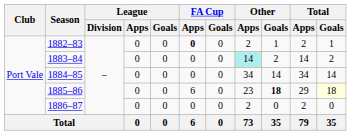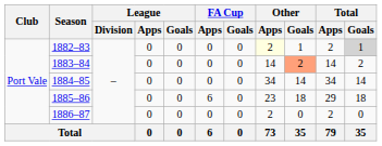 <table class="wikitable" style="text-align:center">
 <tr>
 <th rowspan="2">Club</th>
 <th rowspan="2">Season</th>
 <th colspan="3">League</th>
 <th colspan="2"><a href='#'>FA Cup</a></th>
 <th colspan="2">Other</th>
 <th colspan="2">Total</th>
 </tr>
 <tr>
 <th>Division</th>
 <th>Apps</th>
 <th>Goals</th>
 <th>Apps</th>
 <th>Goals</th>
 <th>Apps</th>
 <th>Goals</th>
 <th>Apps</th>
 <th>Goals</th>
 </tr>
 <tr>
 <td rowspan="5"><a href='#'>Port Vale</a></td>
 <td><a href='#'>1882–83</a></td>
 <td rowspan="5">–</td>
 <td>0</td>
 <td>0</td>
-<td><strong>0</strong></td>
 <td>0</td>
-<td>2</td>
+<td>0</td>
+<td style="background: lightyellow;">2</td>
 <td>1</td>
 <td>2</td>
-<td>1</td>
+<td style="background: lightgrey;">1</td>
 </tr>
 <tr>
 <td><a href='#'>1883–84</a></td>
 <td>0</td>
 <td>0</td>
 <td>0</td>
 <td>0</td>
-<td style="background: paleturquoise;">14</td>
-<td>2</td>
+<td>14</td>
+<td style="background: lightsalmon;">2</td>
 <td>14</td>
 <td>2</td>
 </tr>
 <tr>
 <td><a href='#'>1884–85</a></td>
 <td>0</td>
 <td>0</td>
 <td>0</td>
 <td>0</td>
 <td>34</td>
 <td>14</td>
 <td>34</td>
 <td>14</td>
 </tr>
 <tr>
 <td><a href='#'>1885–86</a></td>
 <td>0</td>
 <td>0</td>
 <td>6</td>
 <td>0</td>
 <td>23</td>
-<td><strong>18</strong></td>
+<td>18</td>
 <td>29</td>
-<td style="background: lightyellow;">18</td>
+<td>18</td>
 </tr>
 <tr>
 <td><a href='#'>1886–87</a></td>
 <td>0</td>
 <td>0</td>
 <td>0</td>
 <td>0</td>
 <td>2</td>
 <td>0</td>
 <td>2</td>
 <td>0</td>
 </tr>
 <tr>
 <th colspan="3">Total</th>
 <th>0</th>
 <th>0</th>
 <th>6</th>
 <th>0</th>
 <th>73</th>
 <th>35</th>
 <th>79</th>
 <th>35</th>
 </tr>
 </table>
